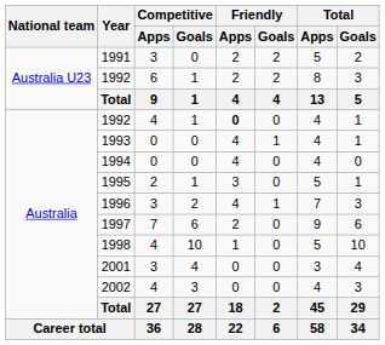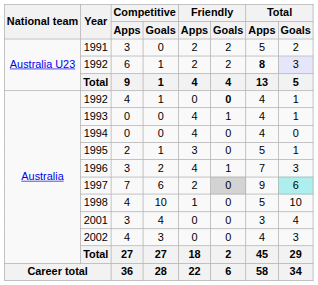 <table class="wikitable" style="text-align:center">
 <tr>
 <th rowspan="2">National team</th>
 <th rowspan="2">Year</th>
 <th colspan="2">Competitive</th>
 <th colspan="2">Friendly</th>
 <th colspan="2">Total</th>
 </tr>
 <tr>
 <th>Apps</th>
 <th>Goals</th>
 <th>Apps</th>
 <th>Goals</th>
 <th>Apps</th>
 <th>Goals</th>
 </tr>
 <tr>
 <td rowspan="3"><a href='#'>Australia U23</a> </td>
 <td>1991</td>
 <td>3</td>
 <td>0</td>
 <td>2</td>
 <td>2</td>
 <td>5</td>
 <td>2</td>
 </tr>
 <tr>
 <td>1992</td>
 <td>6</td>
 <td>1</td>
 <td>2</td>
 <td>2</td>
-<td>8</td>
-<td>3</td>
+<td><strong>8</strong></td>
+<td style="background: lavender;">3</td>
 </tr>
 <tr>
 <th>Total</th>
 <th>9</th>
 <th>1</th>
 <th>4</th>
 <th>4</th>
 <th>13</th>
 <th>5</th>
 </tr>
 <tr>
 <td rowspan="10"><a href='#'>Australia</a></td>
 <td>1992</td>
 <td>4</td>
 <td>1</td>
+<td>0</td>
 <td><strong>0</strong></td>
-<td>0</td>
 <td>4</td>
 <td>1</td>
 </tr>
 <tr>
 <td>1993</td>
 <td>0</td>
 <td>0</td>
 <td>4</td>
 <td>1</td>
 <td>4</td>
 <td>1</td>
 </tr>
 <tr>
 <td>1994</td>
 <td>0</td>
 <td>0</td>
 <td>4</td>
 <td>0</td>
 <td>4</td>
 <td>0</td>
 </tr>
 <tr>
 <td>1995</td>
 <td>2</td>
 <td>1</td>
 <td>3</td>
 <td>0</td>
 <td>5</td>
 <td>1</td>
 </tr>
 <tr>
 <td>1996</td>
 <td>3</td>
 <td>2</td>
 <td>4</td>
 <td>1</td>
 <td>7</td>
 <td>3</td>
 </tr>
 <tr>
 <td>1997</td>
 <td>7</td>
 <td>6</td>
 <td>2</td>
-<td>0</td>
+<td style="background: lightgrey;">0</td>
 <td>9</td>
-<td>6</td>
+<td style="background: paleturquoise;">6</td>
 </tr>
 <tr>
 <td>1998</td>
 <td>4</td>
 <td>10</td>
 <td>1</td>
 <td>0</td>
 <td>5</td>
 <td>10</td>
 </tr>
 <tr>
 <td>2001</td>
 <td>3</td>
 <td>4</td>
 <td>0</td>
 <td>0</td>
 <td>3</td>
 <td>4</td>
 </tr>
 <tr>
 <td>2002</td>
 <td>4</td>
 <td>3</td>
 <td>0</td>
 <td>0</td>
 <td>4</td>
 <td>3</td>
 </tr>
 <tr>
 <th>Total</th>
 <th>27</th>
 <th>27</th>
 <th>18</th>
 <th>2</th>
 <th>45</th>
 <th>29</th>
 </tr>
 <tr>
 <th colspan="2">Career total</th>
 <th>36</th>
 <th>28</th>
 <th>22</th>
 <th>6</th>
 <th>58</th>
 <th>34</th>
 </tr>
 </table>
